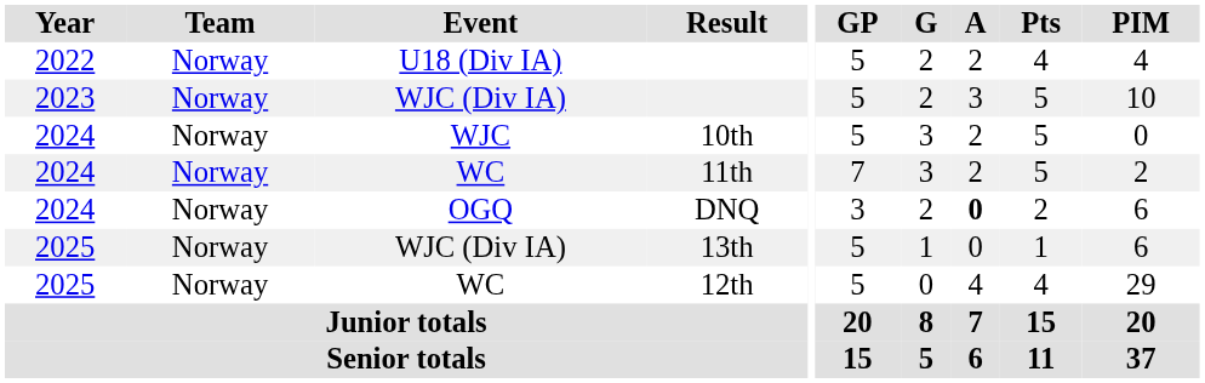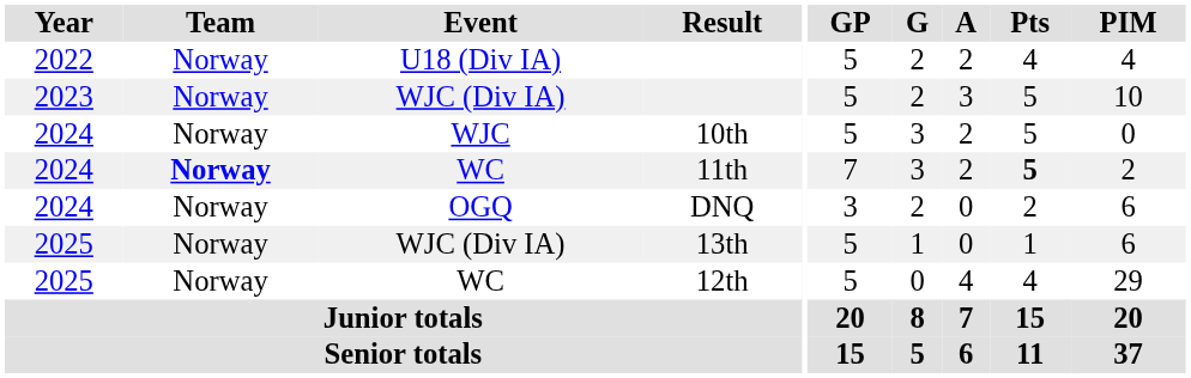 <table border="0" cellpadding="1" cellspacing="0" ID="Table3" style="text-align:center; width:40em;">
 <tr bgcolor="#e0e0e0">
 <th>Year</th>
 <th>Team</th>
 <th>Event</th>
 <th>Result</th>
 <th rowspan="104" bgcolor="#ffffff"></th>
 <th>GP</th>
 <th>G</th>
 <th>A</th>
 <th>Pts</th>
 <th>PIM</th>
 </tr>
 <tr>
 <td><a href='#'>2022</a></td>
 <td><a href='#'>Norway</a></td>
 <td><a href='#'>U18 (Div IA)</a></td>
 <td></td>
 <td>5</td>
 <td>2</td>
 <td>2</td>
 <td>4</td>
 <td>4</td>
 </tr>
 <tr bgcolor="#f0f0f0">
 <td><a href='#'>2023</a></td>
 <td><a href='#'>Norway</a></td>
 <td><a href='#'>WJC (Div IA)</a></td>
 <td></td>
 <td>5</td>
 <td>2</td>
 <td>3</td>
 <td>5</td>
 <td>10</td>
 </tr>
 <tr>
 <td><a href='#'>2024</a></td>
 <td>Norway</td>
 <td><a href='#'>WJC</a></td>
 <td>10th</td>
 <td>5</td>
 <td>3</td>
 <td>2</td>
 <td>5</td>
 <td>0</td>
 </tr>
 <tr bgcolor="#f0f0f0">
 <td><a href='#'>2024</a></td>
-<td><a href='#'>Norway</a></td>
+<td><strong><a href='#'>Norway</a></strong></td>
 <td><a href='#'>WC</a></td>
 <td>11th</td>
 <td>7</td>
 <td>3</td>
 <td>2</td>
-<td>5</td>
+<td><strong>5</strong></td>
 <td>2</td>
 </tr>
 <tr>
 <td><a href='#'>2024</a></td>
 <td>Norway</td>
 <td><a href='#'>OGQ</a></td>
 <td>DNQ</td>
 <td>3</td>
 <td>2</td>
-<td><strong>0</strong></td>
+<td>0</td>
 <td>2</td>
 <td>6</td>
 </tr>
 <tr bgcolor="f0f0f0">
 <td><a href='#'>2025</a></td>
 <td>Norway</td>
 <td>WJC (Div IA)</td>
 <td>13th</td>
 <td>5</td>
 <td>1</td>
 <td>0</td>
 <td>1</td>
 <td>6</td>
 </tr>
 <tr>
 <td><a href='#'>2025</a></td>
 <td>Norway</td>
 <td>WC</td>
 <td>12th</td>
 <td>5</td>
 <td>0</td>
 <td>4</td>
 <td>4</td>
 <td>29</td>
 </tr>
 <tr bgcolor="#e0e0e0">
 <th colspan="4">Junior totals</th>
 <th>20</th>
 <th>8</th>
 <th>7</th>
 <th>15</th>
 <th>20</th>
 </tr>
 <tr bgcolor="#e0e0e0">
 <th colspan="4">Senior totals</th>
 <th>15</th>
 <th>5</th>
 <th>6</th>
 <th>11</th>
 <th>37</th>
 </tr>
 </table>
